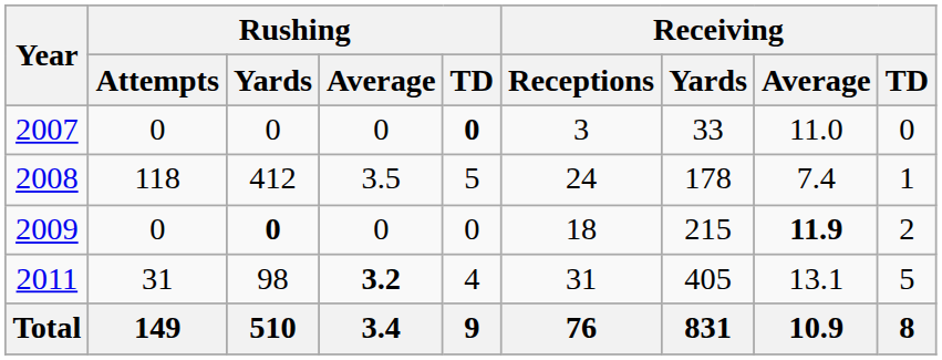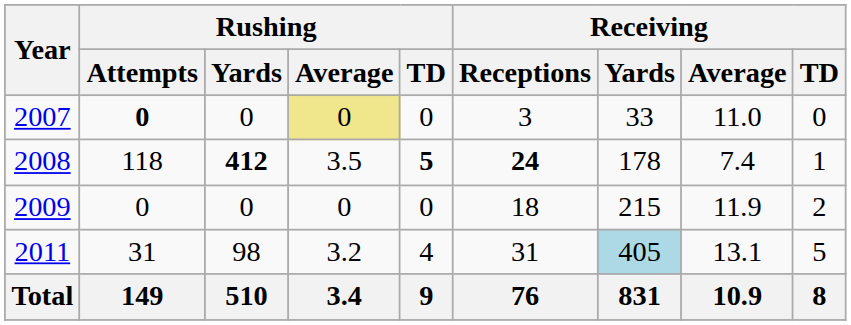 <table class="wikitable" style="text-align:center">
 <tr>
 <th rowspan="2">Year</th>
 <th colspan="4">Rushing</th>
 <th colspan="4">Receiving</th>
 </tr>
 <tr>
 <th>Attempts</th>
 <th>Yards</th>
 <th>Average</th>
 <th>TD</th>
 <th>Receptions</th>
 <th>Yards</th>
 <th>Average</th>
 <th>TD</th>
 </tr>
 <tr>
 <td><a href='#'>2007</a></td>
+<td><strong>0</strong></td>
 <td>0</td>
+<td style="background: khaki;">0</td>
 <td>0</td>
-<td>0</td>
-<td><strong>0</strong></td>
 <td>3</td>
 <td>33</td>
 <td>11.0</td>
 <td>0</td>
 </tr>
 <tr>
 <td><a href='#'>2008</a></td>
 <td>118</td>
-<td>412</td>
+<td><strong>412</strong></td>
 <td>3.5</td>
-<td>5</td>
-<td>24</td>
+<td><strong>5</strong></td>
+<td><strong>24</strong></td>
 <td>178</td>
 <td>7.4</td>
 <td>1</td>
 </tr>
 <tr>
 <td><a href='#'>2009</a></td>
 <td>0</td>
-<td><strong>0</strong></td>
+<td>0</td>
 <td>0</td>
 <td>0</td>
 <td>18</td>
 <td>215</td>
-<td><strong>11.9</strong></td>
+<td>11.9</td>
 <td>2</td>
 </tr>
 <tr>
 <td><a href='#'>2011</a></td>
 <td>31</td>
 <td>98</td>
-<td><strong>3.2</strong></td>
+<td>3.2</td>
 <td>4</td>
 <td>31</td>
-<td>405</td>
+<td style="background: lightblue;">405</td>
 <td>13.1</td>
 <td>5</td>
 </tr>
 <tr>
 <th>Total</th>
 <th>149</th>
 <th>510</th>
 <th>3.4</th>
 <th>9</th>
 <th>76</th>
 <th>831</th>
 <th>10.9</th>
 <th>8</th>
 </tr>
 </table>
